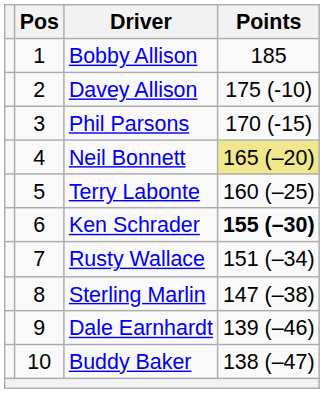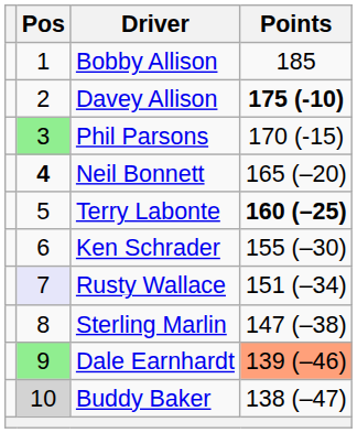 <table class="wikitable" style="font-size: 95%;">
 <tr>
 <th></th>
 <th>Pos</th>
 <th>Driver</th>
 <th>Points</th>
 </tr>
 <tr>
 <td align="left"></td>
 <td style="text-align:center;">1</td>
 <td><a href='#'>Bobby Allison</a></td>
 <td style="text-align:center;">185</td>
 </tr>
 <tr>
 <td align="left"></td>
 <td style="text-align:center;">2</td>
 <td><a href='#'>Davey Allison</a></td>
-<td style="text-align:center;">175 (-10)</td>
+<td style="text-align:center;"><strong>175 (-10)</strong></td>
 </tr>
 <tr>
 <td align="left"></td>
-<td style="text-align:center;">3</td>
+<td style="background: lightgreen; text-align:center;">3</td>
 <td><a href='#'>Phil Parsons</a></td>
 <td style="text-align:center;">170 (-15)</td>
 </tr>
 <tr>
 <td align="left"></td>
-<td style="text-align:center;">4</td>
+<td style="text-align:center;"><strong>4</strong></td>
 <td><a href='#'>Neil Bonnett</a></td>
-<td style="background: khaki; text-align:center;">165 (–20)</td>
+<td style="text-align:center;">165 (–20)</td>
 </tr>
 <tr>
 <td align="left"></td>
 <td style="text-align:center;">5</td>
 <td><a href='#'>Terry Labonte</a></td>
-<td style="text-align:center;">160 (–25)</td>
+<td style="text-align:center;"><strong>160 (–25)</strong></td>
 </tr>
 <tr>
 <td align="left"></td>
 <td style="text-align:center;">6</td>
 <td><a href='#'>Ken Schrader</a></td>
-<td style="text-align:center;"><strong>155 (–30)</strong></td>
+<td style="text-align:center;">155 (–30)</td>
 </tr>
 <tr>
 <td align="left"></td>
-<td style="text-align:center;">7</td>
+<td style="background: lavender; text-align:center;">7</td>
 <td><a href='#'>Rusty Wallace</a></td>
 <td style="text-align:center;">151 (–34)</td>
 </tr>
 <tr>
 <td align="left"></td>
 <td style="text-align:center;">8</td>
 <td><a href='#'>Sterling Marlin</a></td>
 <td style="text-align:center;">147 (–38)</td>
 </tr>
 <tr>
 <td align="left"></td>
-<td style="text-align:center;">9</td>
+<td style="background: lightgreen; text-align:center;">9</td>
 <td><a href='#'>Dale Earnhardt</a></td>
-<td style="text-align:center;">139 (–46)</td>
+<td style="background: lightsalmon; text-align:center;">139 (–46)</td>
 </tr>
 <tr>
 <td align="left"></td>
-<td style="text-align:center;">10</td>
+<td style="background: lightgrey; text-align:center;">10</td>
 <td><a href='#'>Buddy Baker</a></td>
 <td style="text-align:center;">138 (–47)</td>
 </tr>
 <tr class="sortbottom">
 <th colspan="9"></th>
 </tr>
 </table>
